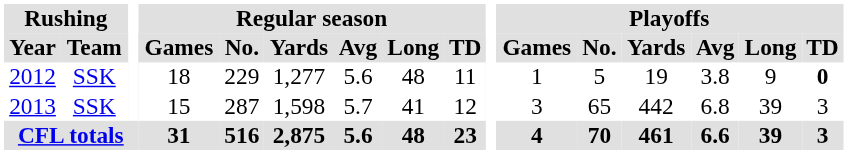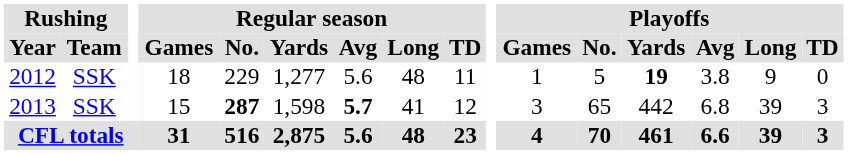 <table BORDER="0" CELLPADDING="1" CELLSPACING="0" width="65%" style="text-align:center">
 <tr bgcolor="#e0e0e0">
 <th colspan="2">Rushing</th>
 <th rowspan="99" bgcolor="#ffffff"> </th>
 <th colspan="6">Regular season</th>
 <th rowspan="99" bgcolor="#ffffff"> </th>
 <th colspan="6">Playoffs</th>
 </tr>
 <tr bgcolor="#e0e0e0">
 <th>Year</th>
 <th>Team</th>
 <th>Games</th>
 <th>No.</th>
 <th>Yards</th>
 <th>Avg</th>
 <th>Long</th>
 <th>TD</th>
 <th>Games</th>
 <th>No.</th>
 <th>Yards</th>
 <th>Avg</th>
 <th>Long</th>
 <th>TD</th>
 </tr>
 <tr ALIGN="center">
 <td><a href='#'>2012</a></td>
 <td><a href='#'>SSK</a></td>
 <td>18</td>
 <td>229</td>
 <td>1,277</td>
 <td>5.6</td>
 <td>48</td>
 <td>11</td>
 <td>1</td>
 <td>5</td>
-<td>19</td>
+<td><strong>19</strong></td>
 <td>3.8</td>
 <td>9</td>
-<td><strong>0</strong></td>
+<td>0</td>
 </tr>
 <tr ALIGN="center">
 <td><a href='#'>2013</a></td>
 <td><a href='#'>SSK</a></td>
 <td>15</td>
-<td>287</td>
+<td><strong>287</strong></td>
 <td>1,598</td>
-<td>5.7</td>
+<td><strong>5.7</strong></td>
 <td>41</td>
 <td>12</td>
 <td>3</td>
 <td>65</td>
 <td>442</td>
 <td>6.8</td>
 <td>39</td>
 <td>3</td>
 </tr>
 <tr bgcolor="#e0e0e0">
 <th colspan="3"><a href='#'>CFL totals</a></th>
 <th>31</th>
 <th>516</th>
 <th>2,875</th>
 <th>5.6</th>
 <th>48</th>
 <th>23</th>
 <th>4</th>
 <th>70</th>
 <th>461</th>
 <th>6.6</th>
 <th>39</th>
 <th>3</th>
 </tr>
 </table>
